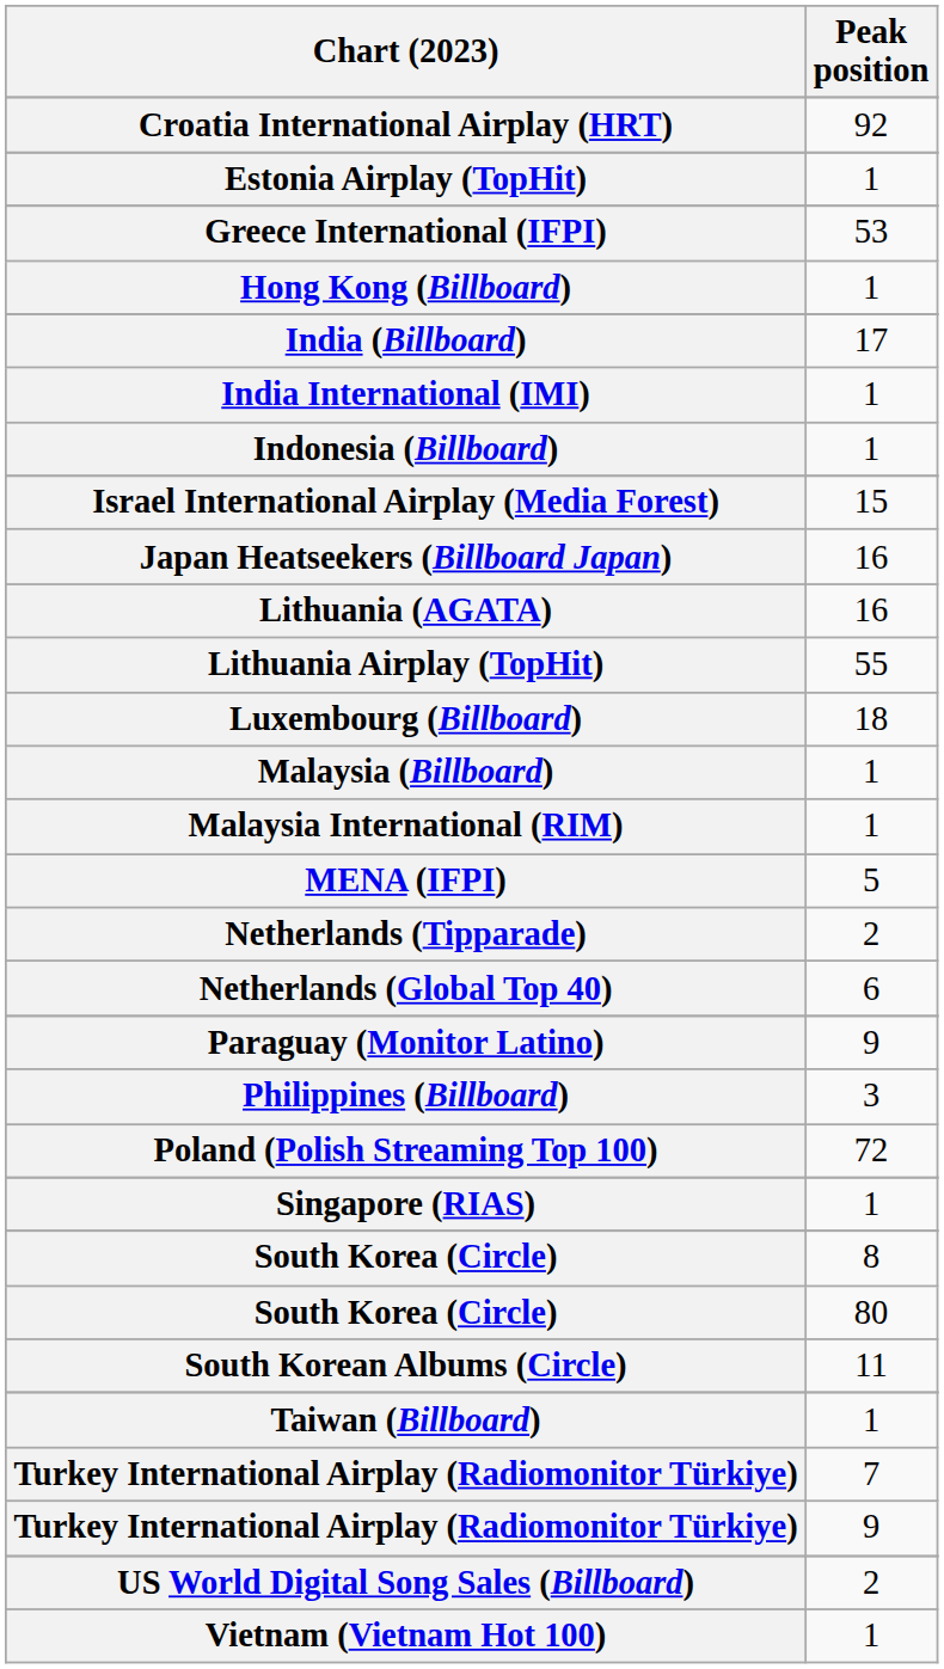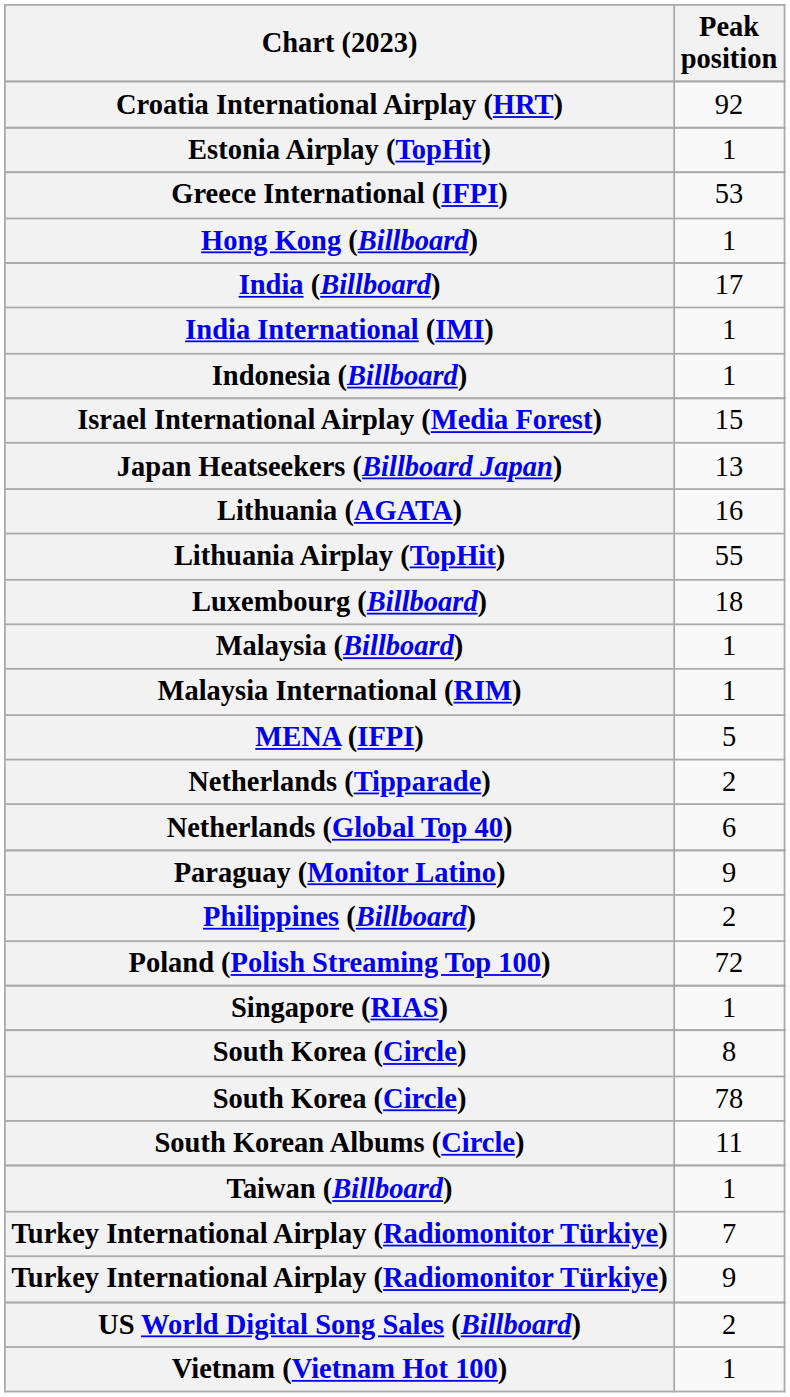 <table class="wikitable plainrowheaders sortable" style="text-align:center">
 <tr>
 <th scope="col">Chart (2023)</th>
 <th scope="col">Peak<br>position</th>
 </tr>
 <tr>
 </tr>
 <tr>
 </tr>
 <tr>
 </tr>
 <tr>
 </tr>
 <tr>
 <th scope="row">Croatia International Airplay (<a href='#'>HRT</a>)</th>
 <td>92</td>
 </tr>
 <tr>
 </tr>
 <tr>
 <th scope="row">Estonia Airplay (<a href='#'>TopHit</a>)</th>
 <td>1</td>
 </tr>
 <tr>
 </tr>
 <tr>
 </tr>
 <tr>
 </tr>
 <tr>
 <th scope="row">Greece International (<a href='#'>IFPI</a>)</th>
 <td>53</td>
 </tr>
 <tr>
 <th scope="row"><a href='#'>Hong Kong</a> (<em><a href='#'>Billboard</a></em>)</th>
 <td>1</td>
 </tr>
 <tr>
 </tr>
 <tr>
 <th scope="row"><a href='#'>India</a> (<em><a href='#'>Billboard</a></em>)</th>
 <td>17</td>
 </tr>
 <tr>
 <th scope="row"><a href='#'>India International</a> (<a href='#'>IMI</a>)</th>
 <td>1</td>
 </tr>
 <tr>
 <th scope="row">Indonesia (<em><a href='#'>Billboard</a></em>)</th>
 <td>1</td>
 </tr>
 <tr>
 </tr>
 <tr>
 <th scope="row">Israel International Airplay (<a href='#'>Media Forest</a>)</th>
 <td>15</td>
 </tr>
 <tr>
 <th scope="row">Japan Heatseekers (<em><a href='#'>Billboard Japan</a></em>)</th>
-<td>16</td>
+<td>13</td>
 </tr>
 <tr>
 <th scope="row">Lithuania (<a href='#'>AGATA</a>)</th>
 <td>16</td>
 </tr>
 <tr>
 <th scope="row">Lithuania Airplay (<a href='#'>TopHit</a>)</th>
 <td>55</td>
 </tr>
 <tr>
 <th scope="row">Luxembourg (<em><a href='#'>Billboard</a></em>)</th>
 <td>18</td>
 </tr>
 <tr>
 <th scope="row">Malaysia (<em><a href='#'>Billboard</a></em>)</th>
 <td>1</td>
 </tr>
 <tr>
 <th scope="row">Malaysia International (<a href='#'>RIM</a>)</th>
 <td>1</td>
 </tr>
 <tr>
 <th scope="row"><a href='#'>MENA</a> (<a href='#'>IFPI</a>)</th>
 <td>5</td>
 </tr>
 <tr>
 <th scope="row">Netherlands (<a href='#'>Tipparade</a>)</th>
 <td>2</td>
 </tr>
 <tr>
 <th scope="row">Netherlands (<a href='#'>Global Top 40</a>)</th>
 <td>6</td>
 </tr>
 <tr>
 </tr>
 <tr>
 </tr>
 <tr>
 </tr>
 <tr>
 <th scope="row">Paraguay (<a href='#'>Monitor Latino</a>)</th>
 <td>9</td>
 </tr>
 <tr>
 <th scope="row"><a href='#'>Philippines</a> (<em><a href='#'>Billboard</a></em>)</th>
-<td>3</td>
+<td>2</td>
 </tr>
 <tr>
 <th scope="row">Poland (<a href='#'>Polish Streaming Top 100</a>)</th>
 <td>72</td>
 </tr>
 <tr>
 </tr>
 <tr>
 <th scope="row">Singapore (<a href='#'>RIAS</a>)</th>
 <td>1</td>
 </tr>
 <tr>
 </tr>
 <tr>
 <th scope="row">South Korea (<a href='#'>Circle</a>)</th>
 <td>8</td>
 </tr>
 <tr>
 <th scope="row">South Korea (<a href='#'>Circle</a>)<br></th>
-<td>80</td>
+<td>78</td>
 </tr>
 <tr>
 <th scope="row">South Korean Albums (<a href='#'>Circle</a>)<br></th>
 <td>11</td>
 </tr>
 <tr>
 </tr>
 <tr>
 </tr>
 <tr>
 <th scope="row">Taiwan (<em><a href='#'>Billboard</a></em>)</th>
 <td>1</td>
 </tr>
 <tr>
 <th scope="row">Turkey International Airplay (<a href='#'>Radiomonitor Türkiye</a>)</th>
 <td>7</td>
 </tr>
 <tr>
 <th scope="row">Turkey International Airplay (<a href='#'>Radiomonitor Türkiye</a>)<br></th>
 <td>9</td>
 </tr>
 <tr>
 </tr>
 <tr>
 </tr>
 <tr>
 </tr>
 <tr>
 </tr>
 <tr>
 </tr>
 <tr>
 </tr>
 <tr>
 </tr>
 <tr>
 <th scope="row">US <a href='#'>World Digital Song Sales</a> (<em><a href='#'>Billboard</a></em>)</th>
 <td>2</td>
 </tr>
 <tr>
 <th scope="row">Vietnam (<a href='#'>Vietnam Hot 100</a>)</th>
 <td>1</td>
 </tr>
 </table>
